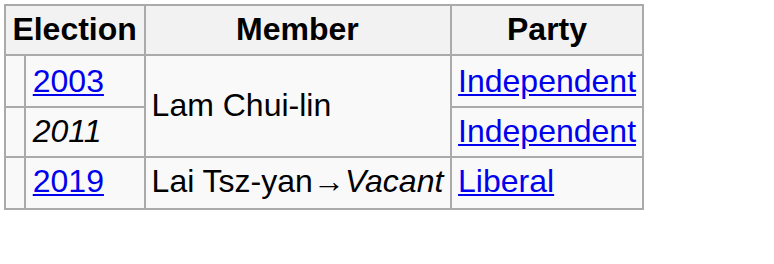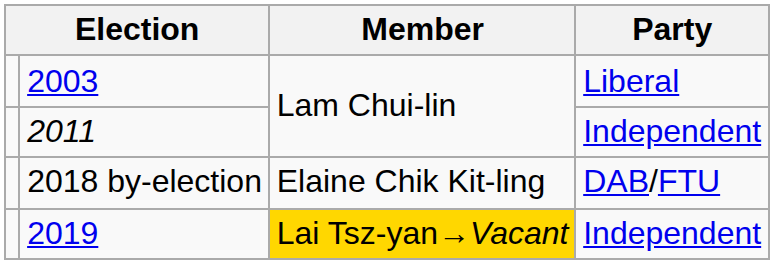 <table class="wikitable">
 <tr>
 <th colspan="2">Election</th>
 <th>Member</th>
 <th>Party</th>
 </tr>
 <tr>
 <td style="background-color: "></td>
 <td><a href='#'>2003</a></td>
 <td rowspan=2>Lam Chui-lin</td>
-<td><a href='#'>Independent</a></td>
+<td><a href='#'>Liberal</a></td>
 </tr>
 <tr>
 <td style="background-color: "></td>
 <td><em>2011</em></td>
 <td><a href='#'>Independent</a></td>
 </tr>
 <tr>
 <td style="background-color: "></td>
+<td>2018 by-election</td>
+<td>Elaine Chik Kit-ling</td>
+<td><a href='#'>DAB</a>/<a href='#'>FTU</a></td>
+</tr>
+<tr>
+<td style="background-color: "></td>
 <td><a href='#'>2019</a></td>
-<td>Lai Tsz-yan→<em>Vacant</em></td>
-<td><a href='#'>Liberal</a></td>
+<td style="background: gold;">Lai Tsz-yan→<em>Vacant</em></td>
+<td><a href='#'>Independent</a></td>
 </tr>
 <tr>
 </tr>
 </table>
